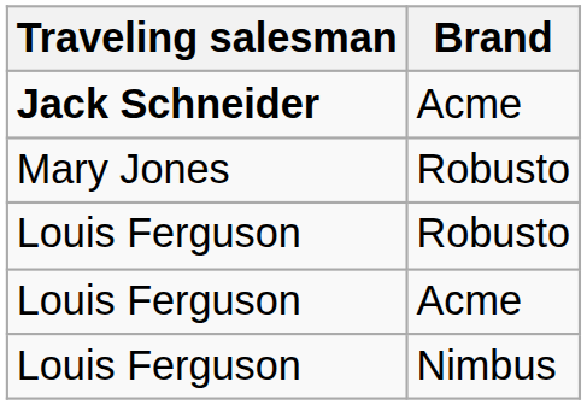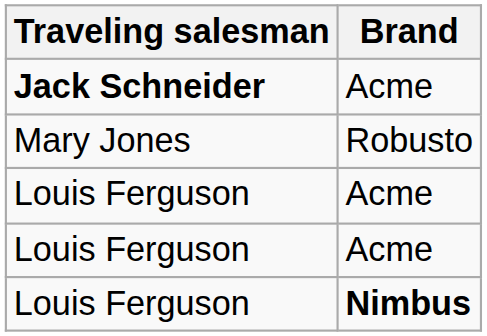 <table class="wikitable" style="margin-left:20px;float:left;">
 <tr>
 <th>Traveling salesman</th>
 <th>Brand</th>
 </tr>
 <tr>
 <td><strong>Jack Schneider</strong></td>
 <td>Acme</td>
 </tr>
 <tr>
 <td>Mary Jones</td>
 <td>Robusto</td>
 </tr>
 <tr>
 <td>Louis Ferguson</td>
-<td>Robusto</td>
+<td>Acme</td>
 </tr>
 <tr>
 <td>Louis Ferguson</td>
 <td>Acme</td>
 </tr>
 <tr>
 <td>Louis Ferguson</td>
-<td>Nimbus</td>
+<td><strong>Nimbus</strong></td>
 </tr>
 </table>
